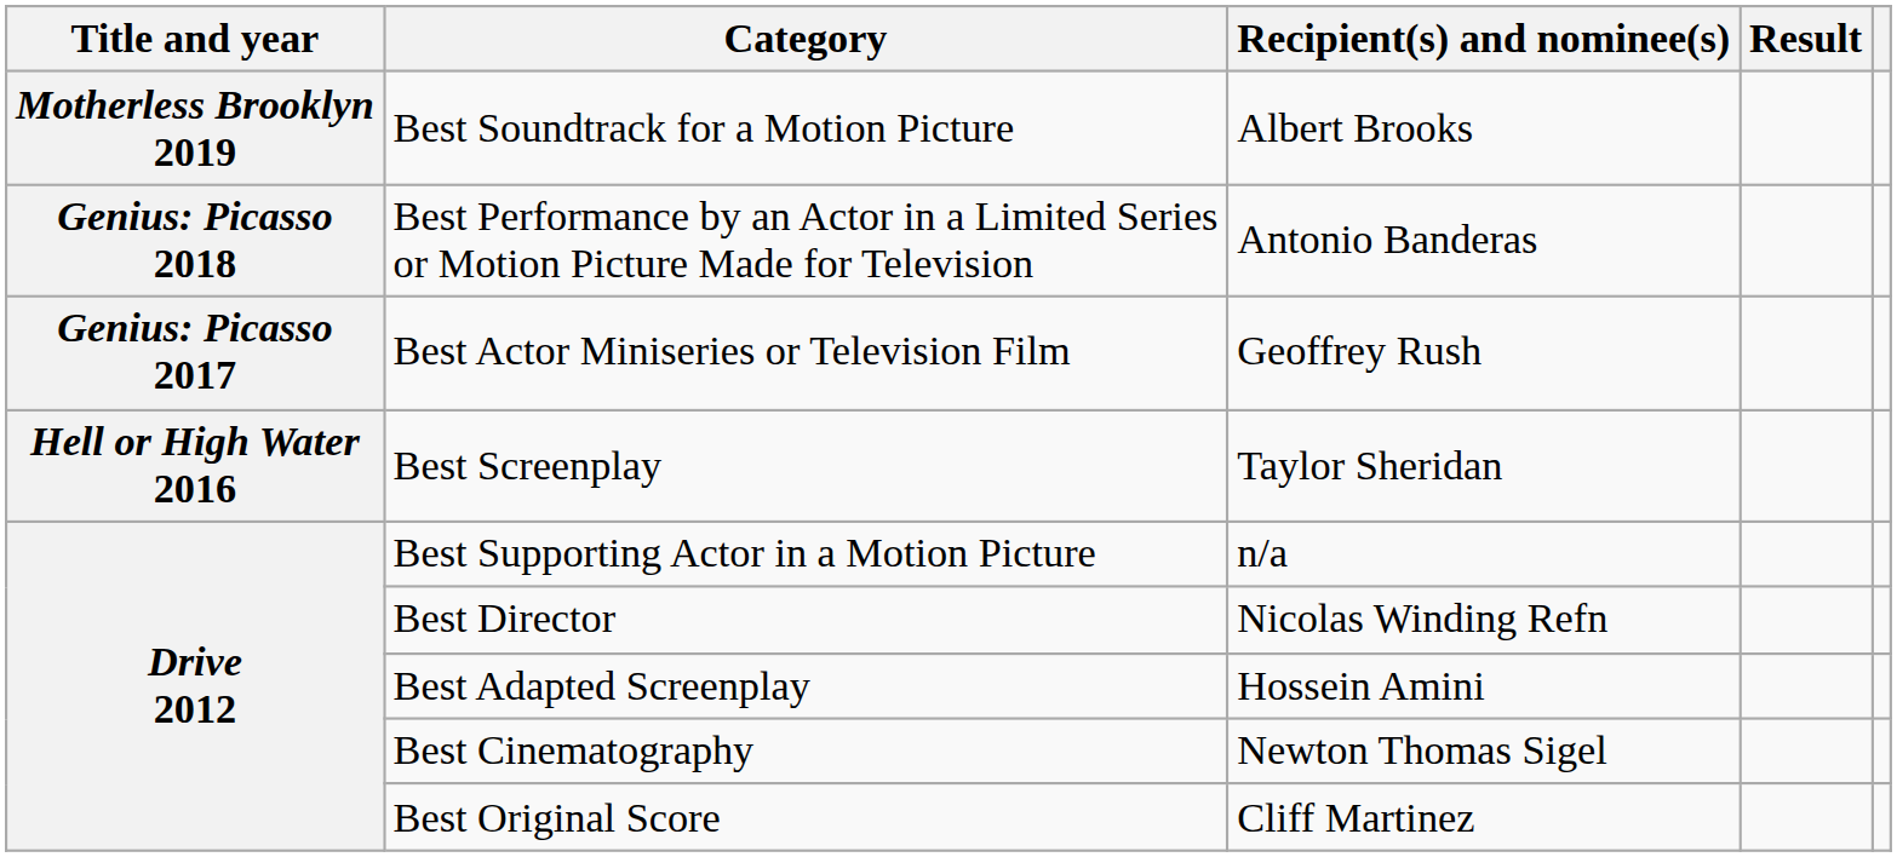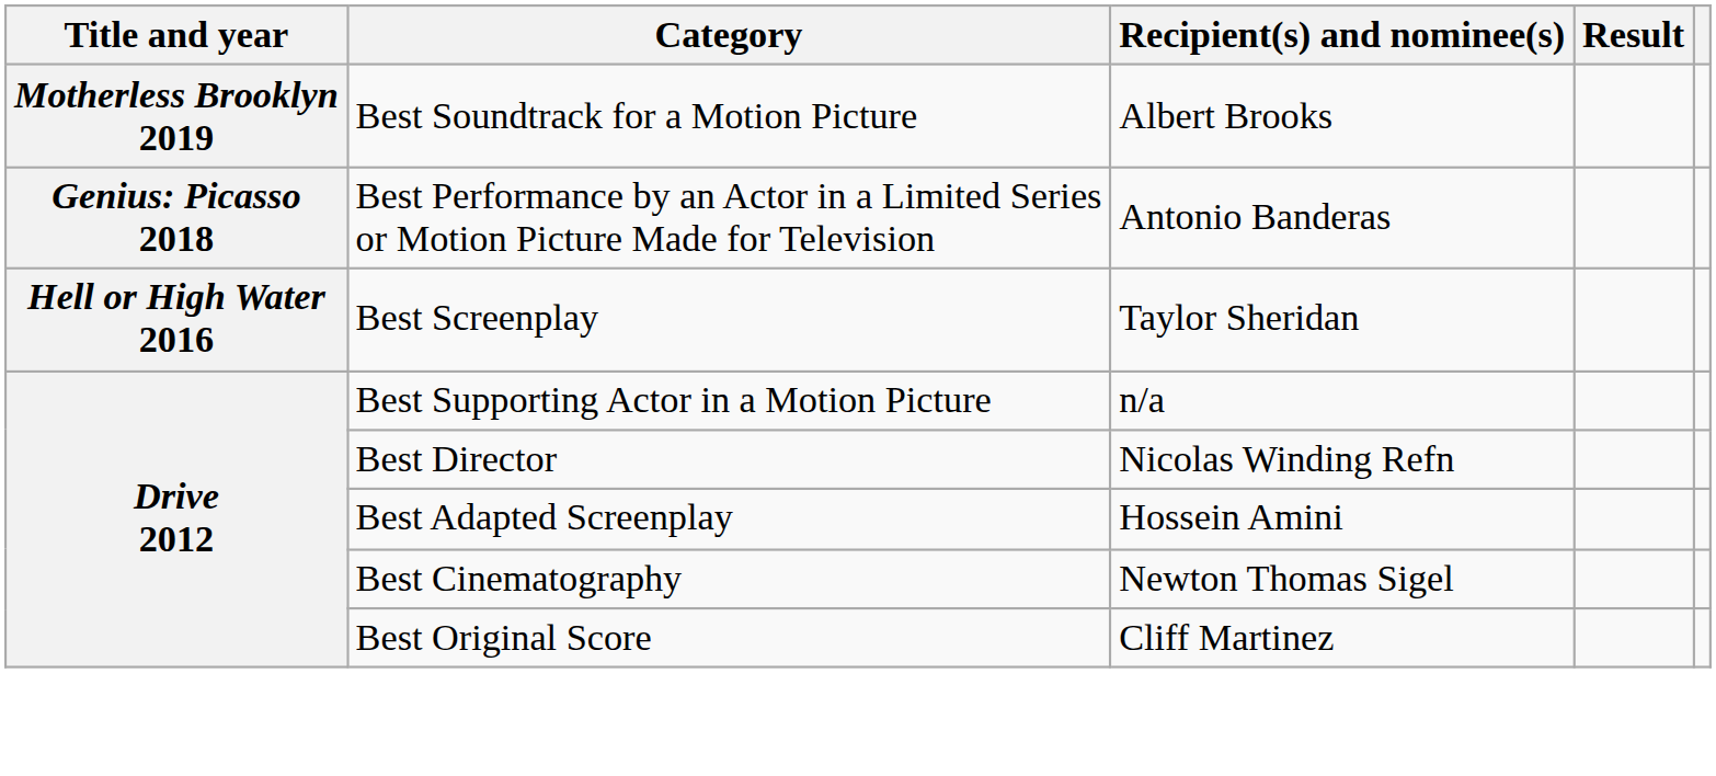 <table class="wikitable plainrowheaders sortable">
 <tr>
 <th scope="col">Title and year</th>
 <th scope="col">Category</th>
 <th scope="col">Recipient(s) and nominee(s)</th>
 <th scope="col">Result</th>
 <th scope="col" class="unsortable"></th>
 </tr>
 <tr>
 <th scope="row"><em>Motherless Brooklyn</em> <br>2019</th>
 <td>Best Soundtrack for a Motion Picture</td>
 <td>Albert Brooks</td>
 <td></td>
 <td></td>
 </tr>
 <tr>
 <th scope="row"><em>Genius: Picasso</em> <br>2018</th>
 <td>Best Performance by an Actor in a Limited Series<br> or Motion Picture Made for Television</td>
 <td>Antonio Banderas</td>
-<td></td>
-<td></td>
-</tr>
-<tr>
-<th scope="row"><em>Genius: Picasso</em> <br>2017</th>
-<td>Best Actor Miniseries or Television Film</td>
-<td>Geoffrey Rush</td>
 <td></td>
 <td></td>
 </tr>
 <tr>
 <th scope="row"><em>Hell or High Water</em><br>2016</th>
 <td>Best Screenplay</td>
 <td>Taylor Sheridan</td>
 <td></td>
 <td></td>
 </tr>
 <tr>
 <th scope="row" rowspan="5"><em>Drive</em><br> 2012</th>
 <td>Best Supporting Actor in a Motion Picture</td>
 <td>n/a</td>
 <td></td>
 <td></td>
 </tr>
 <tr>
 <td>Best Director</td>
 <td>Nicolas Winding Refn</td>
 <td></td>
 <td></td>
 </tr>
 <tr>
 <td>Best Adapted Screenplay</td>
 <td>Hossein Amini</td>
 <td></td>
 <td></td>
 </tr>
 <tr>
 <td>Best Cinematography</td>
 <td>Newton Thomas Sigel</td>
 <td></td>
 <td></td>
 </tr>
 <tr>
 <td>Best Original Score</td>
 <td>Cliff Martinez</td>
 <td></td>
 <td></td>
 </tr>
 </table>
